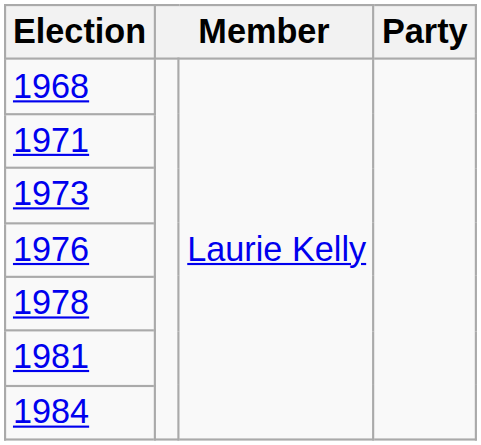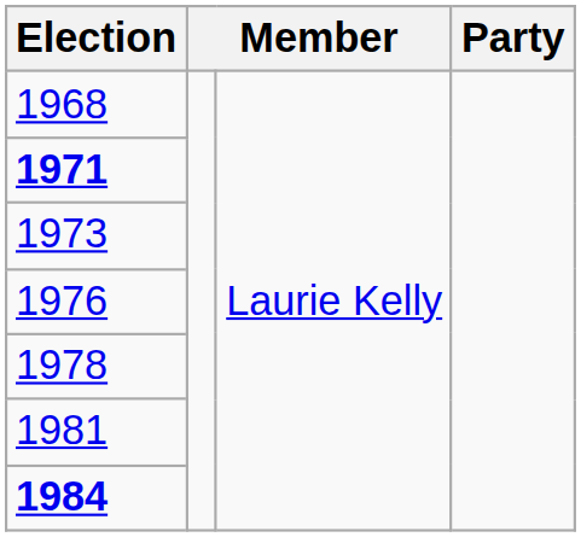 <table class="wikitable">
 <tr>
 <th>Election</th>
 <th colspan="2">Member</th>
 <th>Party</th>
 </tr>
 <tr>
 <td><a href='#'>1968</a></td>
 <td rowspan="7" > </td>
 <td rowspan="7"><a href='#'>Laurie Kelly</a></td>
 <td rowspan="7"></td>
 </tr>
 <tr>
-<td><a href='#'>1971</a></td>
+<td><strong><a href='#'>1971</a></strong></td>
 </tr>
 <tr>
 <td><a href='#'>1973</a></td>
 </tr>
 <tr>
 <td><a href='#'>1976</a></td>
 </tr>
 <tr>
 <td><a href='#'>1978</a></td>
 </tr>
 <tr>
 <td><a href='#'>1981</a></td>
 </tr>
 <tr>
-<td><a href='#'>1984</a></td>
+<td><strong><a href='#'>1984</a></strong></td>
 </tr>
 </table>
